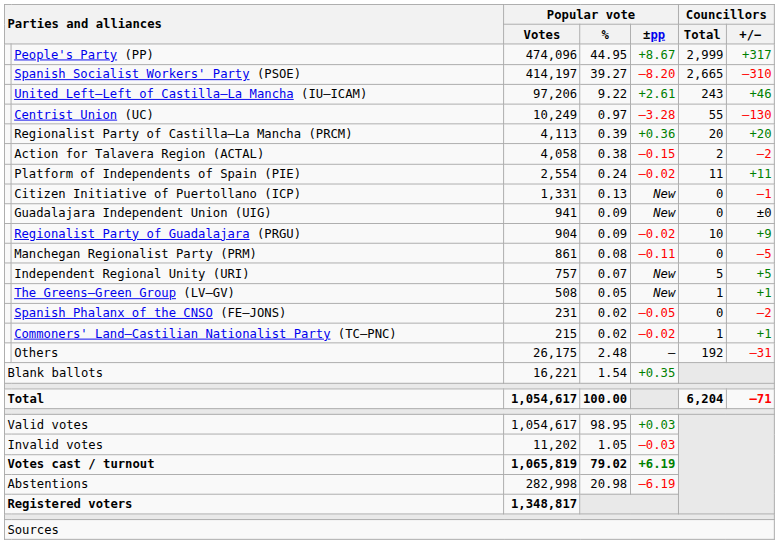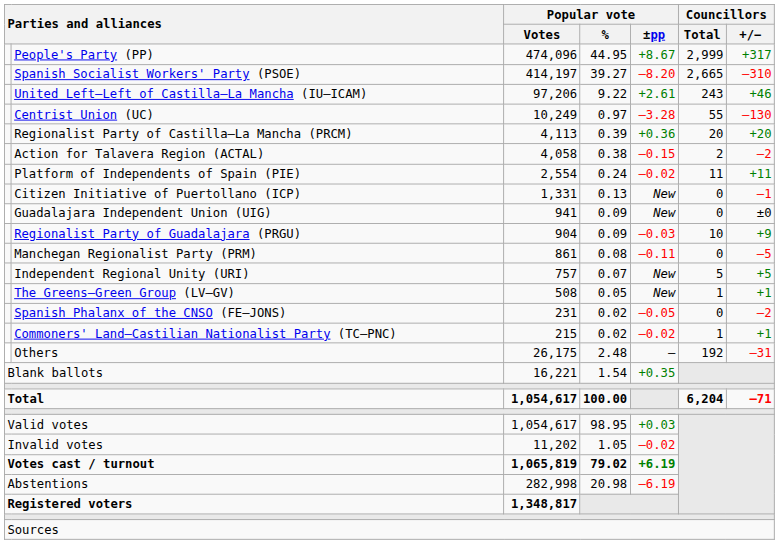 <table class="wikitable" style="text-align:right;">
 <tr>
 <th style="text-align:left;" rowspan="2" colspan="2" width="525">Parties and alliances</th>
 <th colspan="3">Popular vote</th>
 <th colspan="2">Councillors</th>
 </tr>
 <tr>
 <th width="75">Votes</th>
 <th width="45">%</th>
 <th width="45">±<a href='#'>pp</a></th>
 <th width="45">Total</th>
 <th width="45">+/−</th>
 </tr>
 <tr>
 <td width="1" style="color:inherit;background:"></td>
 <td align="left"><a href='#'>People's Party</a> (PP)</td>
 <td>474,096</td>
 <td>44.95</td>
 <td style="color:green;">+8.67</td>
 <td>2,999</td>
 <td style="color:green;">+317</td>
 </tr>
 <tr>
 <td style="color:inherit;background:"></td>
 <td align="left"><a href='#'>Spanish Socialist Workers' Party</a> (PSOE)</td>
 <td>414,197</td>
 <td>39.27</td>
 <td style="color:red;">–8.20</td>
 <td>2,665</td>
 <td style="color:red;">–310</td>
 </tr>
 <tr>
 <td style="color:inherit;background:"></td>
 <td align="left"><a href='#'>United Left–Left of Castilla–La Mancha</a> (IU–ICAM)</td>
 <td>97,206</td>
 <td>9.22</td>
 <td style="color:green;">+2.61</td>
 <td>243</td>
 <td style="color:green;">+46</td>
 </tr>
 <tr>
 <td style="color:inherit;background:"></td>
 <td align="left"><a href='#'>Centrist Union</a> (UC)</td>
 <td>10,249</td>
 <td>0.97</td>
 <td style="color:red;">–3.28</td>
 <td>55</td>
 <td style="color:red;">–130</td>
 </tr>
 <tr>
 <td style="color:inherit;background:"></td>
 <td align="left">Regionalist Party of Castilla–La Mancha (PRCM)</td>
 <td>4,113</td>
 <td>0.39</td>
 <td style="color:green;">+0.36</td>
 <td>20</td>
 <td style="color:green;">+20</td>
 </tr>
 <tr>
 <td style="color:inherit;background:"></td>
 <td align="left">Action for Talavera Region (ACTAL)</td>
 <td>4,058</td>
 <td>0.38</td>
 <td style="color:red;">–0.15</td>
 <td>2</td>
 <td style="color:red;">–2</td>
 </tr>
 <tr>
 <td style="color:inherit;background:"></td>
 <td align="left">Platform of Independents of Spain (PIE)</td>
 <td>2,554</td>
 <td>0.24</td>
 <td style="color:red;">–0.02</td>
 <td>11</td>
 <td style="color:green;">+11</td>
 </tr>
 <tr>
 <td style="color:inherit;background:"></td>
 <td align="left">Citizen Initiative of Puertollano (ICP)</td>
 <td>1,331</td>
 <td>0.13</td>
 <td><em>New</em></td>
 <td>0</td>
 <td style="color:red;">–1</td>
 </tr>
 <tr>
 <td bgcolor="white"></td>
 <td align="left">Guadalajara Independent Union (UIG)</td>
 <td>941</td>
 <td>0.09</td>
 <td><em>New</em></td>
 <td>0</td>
 <td>±0</td>
 </tr>
 <tr>
 <td style="color:inherit;background:"></td>
 <td align="left"><a href='#'>Regionalist Party of Guadalajara</a> (PRGU)</td>
 <td>904</td>
 <td>0.09</td>
-<td style="color:red;">–0.02</td>
+<td style="color:red;">–0.03</td>
 <td>10</td>
 <td style="color:green;">+9</td>
 </tr>
 <tr>
 <td style="color:inherit;background:"></td>
 <td align="left">Manchegan Regionalist Party (PRM)</td>
 <td>861</td>
 <td>0.08</td>
 <td style="color:red;">–0.11</td>
 <td>0</td>
 <td style="color:red;">–5</td>
 </tr>
 <tr>
 <td style="color:inherit;background:"></td>
 <td align="left">Independent Regional Unity (URI)</td>
 <td>757</td>
 <td>0.07</td>
 <td><em>New</em></td>
 <td>5</td>
 <td style="color:green;">+5</td>
 </tr>
 <tr>
 <td style="color:inherit;background:"></td>
 <td align="left"><a href='#'>The Greens–Green Group</a> (LV–GV)</td>
 <td>508</td>
 <td>0.05</td>
 <td><em>New</em></td>
 <td>1</td>
 <td style="color:green;">+1</td>
 </tr>
 <tr>
 <td style="color:inherit;background:"></td>
 <td align="left"><a href='#'>Spanish Phalanx of the CNSO</a> (FE–JONS)</td>
 <td>231</td>
 <td>0.02</td>
 <td style="color:red;">–0.05</td>
 <td>0</td>
 <td style="color:red;">–2</td>
 </tr>
 <tr>
 <td style="color:inherit;background:"></td>
 <td align="left"><a href='#'>Commoners' Land–Castilian Nationalist Party</a> (TC–PNC)</td>
 <td>215</td>
 <td>0.02</td>
 <td style="color:red;">–0.02</td>
 <td>1</td>
 <td style="color:green;">+1</td>
 </tr>
 <tr>
 <td bgcolor="white"></td>
 <td align="left">Others</td>
 <td>26,175</td>
 <td>2.48</td>
 <td>—</td>
 <td>192</td>
 <td style="color:red;">–31</td>
 </tr>
 <tr>
 <td align="left" colspan="2">Blank ballots</td>
 <td>16,221</td>
 <td>1.54</td>
 <td style="color:green;">+0.35</td>
 <td bgcolor="#E9E9E9" colspan="2"></td>
 </tr>
 <tr>
 <td colspan="7" bgcolor="#E9E9E9"></td>
 </tr>
 <tr style="font-weight:bold;">
 <td align="left" colspan="2">Total</td>
 <td>1,054,617</td>
 <td>100.00</td>
 <td bgcolor="#E9E9E9"></td>
 <td>6,204</td>
 <td style="color:red;">–71</td>
 </tr>
 <tr>
 <td colspan="7" bgcolor="#E9E9E9"></td>
 </tr>
 <tr>
 <td align="left" colspan="2">Valid votes</td>
 <td>1,054,617</td>
 <td>98.95</td>
 <td style="color:green;">+0.03</td>
 <td bgcolor="#E9E9E9" colspan="2" rowspan="5"></td>
 </tr>
 <tr>
 <td align="left" colspan="2">Invalid votes</td>
 <td>11,202</td>
 <td>1.05</td>
-<td style="color:red;">–0.03</td>
+<td style="color:red;">–0.02</td>
 </tr>
 <tr style="font-weight:bold;">
 <td align="left" colspan="2">Votes cast / turnout</td>
 <td>1,065,819</td>
 <td>79.02</td>
 <td style="color:green;">+6.19</td>
 </tr>
 <tr>
 <td align="left" colspan="2">Abstentions</td>
 <td>282,998</td>
 <td>20.98</td>
 <td style="color:red;">–6.19</td>
 </tr>
 <tr style="font-weight:bold;">
 <td align="left" colspan="2">Registered voters</td>
 <td>1,348,817</td>
 <td bgcolor="#E9E9E9" colspan="2"></td>
 </tr>
 <tr>
 <td colspan="7" bgcolor="#E9E9E9"></td>
 </tr>
 <tr>
 <td align="left" colspan="7">Sources</td>
 </tr>
 </table>
